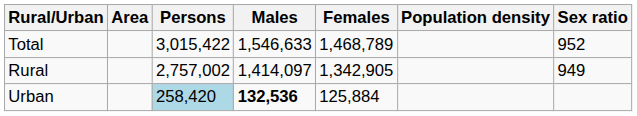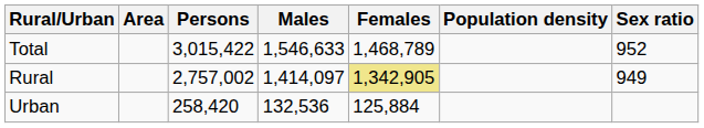 <table class="wikitable">
 <tr>
 <th>Rural/Urban</th>
 <th>Area</th>
 <th>Persons</th>
 <th>Males</th>
 <th>Females</th>
 <th>Population density</th>
 <th>Sex ratio</th>
 </tr>
 <tr>
 <td>Total</td>
 <td></td>
 <td>3,015,422</td>
 <td>1,546,633</td>
 <td>1,468,789</td>
 <td></td>
 <td>952</td>
 </tr>
 <tr>
 <td>Rural</td>
 <td></td>
 <td>2,757,002</td>
 <td>1,414,097</td>
-<td>1,342,905</td>
+<td style="background: khaki;">1,342,905</td>
 <td></td>
 <td>949</td>
 </tr>
 <tr>
 <td>Urban</td>
 <td></td>
-<td style="background: lightblue;">258,420</td>
-<td><strong>132,536</strong></td>
+<td>258,420</td>
+<td>132,536</td>
 <td>125,884</td>
 <td></td>
 </tr>
 </table>
